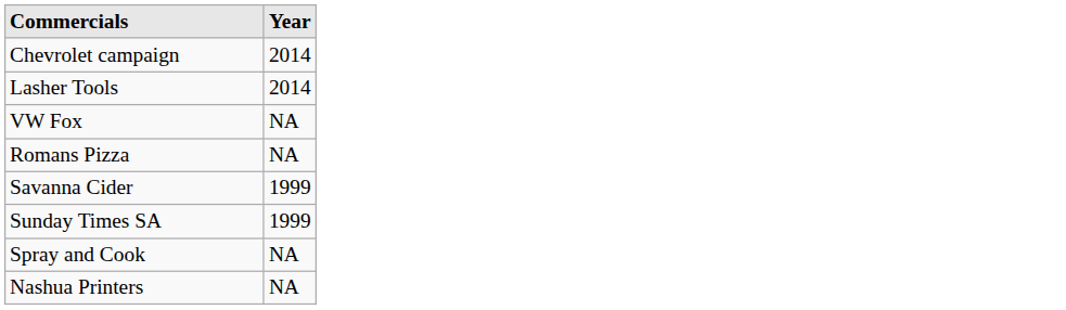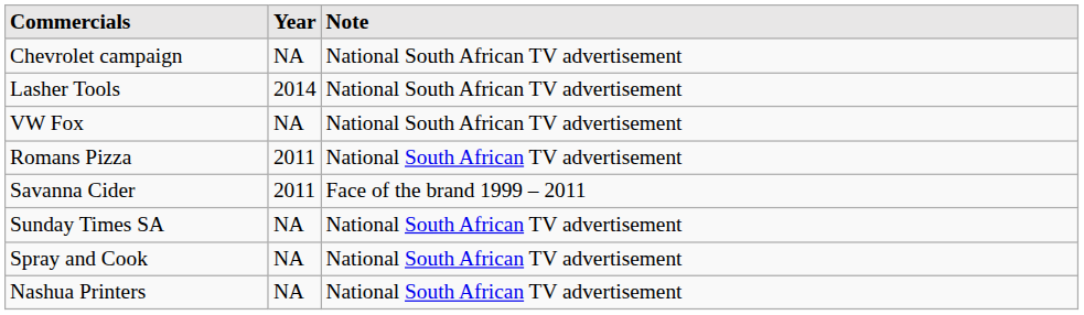 <table class="wikitable" style= style="width:70%;">
 <tr style="background:#e8e7e7;">
 <td scope="col" style="width:190px;"><strong>Commercials</strong></td>
 <td scope="col" style="width:30px;"><strong>Year</strong></td>
+<td scope="col" style="width:560px;"><strong>Note</strong></td>
 </tr>
 <tr>
 <td>Chevrolet campaign</td>
-<td>2014</td>
+<td>NA</td>
+<td>National South African TV advertisement</td>
 </tr>
 <tr>
 <td>Lasher Tools</td>
 <td>2014</td>
+<td>National South African TV advertisement</td>
 </tr>
 <tr>
 <td>VW Fox</td>
 <td>NA</td>
+<td>National South African TV advertisement</td>
 </tr>
 <tr>
 <td>Romans Pizza</td>
-<td>NA</td>
+<td>2011</td>
+<td>National <a href='#'>South African</a> TV advertisement</td>
 </tr>
 <tr>
 <td>Savanna Cider</td>
-<td>1999</td>
+<td>2011</td>
+<td>Face of the brand 1999 – 2011</td>
 </tr>
 <tr>
 <td>Sunday Times SA</td>
-<td>1999</td>
+<td>NA</td>
+<td>National <a href='#'>South African</a> TV advertisement</td>
 </tr>
 <tr>
 <td>Spray and Cook</td>
 <td>NA</td>
+<td>National <a href='#'>South African</a> TV advertisement</td>
 </tr>
 <tr>
 <td>Nashua Printers</td>
 <td>NA</td>
+<td>National <a href='#'>South African</a> TV advertisement</td>
 </tr>
 </table>
